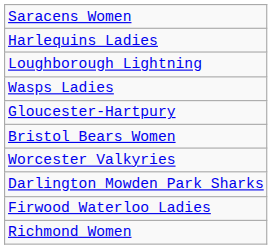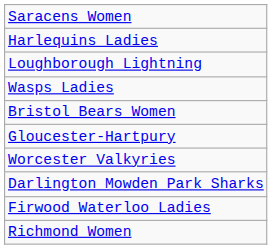 <table class="wikitable" style="text-align: center;">
 <tr>
 <td style="text-align:left;"><a href='#'>Saracens Women</a></td>
 </tr>
 <tr>
 <td style="text-align:left;"><a href='#'>Harlequins Ladies</a></td>
 </tr>
 <tr>
 <td style="text-align:left;"><a href='#'>Loughborough Lightning</a></td>
 </tr>
 <tr>
 <td style="text-align:left;"><a href='#'>Wasps Ladies</a></td>
 </tr>
 <tr>
-<td style="text-align:left;"><a href='#'>Gloucester-Hartpury</a></td>
+<td style="text-align:left;"><a href='#'>Bristol Bears Women</a></td>
 </tr>
 <tr>
-<td style="text-align:left;"><a href='#'>Bristol Bears Women</a></td>
+<td style="text-align:left;"><a href='#'>Gloucester-Hartpury</a></td>
 </tr>
 <tr>
 <td style="text-align:left;"><a href='#'>Worcester Valkyries</a></td>
 </tr>
 <tr>
 <td style="text-align:left;"><a href='#'>Darlington Mowden Park Sharks</a></td>
 </tr>
 <tr>
 <td style="text-align:left;"><a href='#'>Firwood Waterloo Ladies</a></td>
 </tr>
 <tr>
 <td style="text-align:left;"><a href='#'>Richmond Women</a></td>
 </tr>
 </table>
